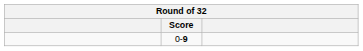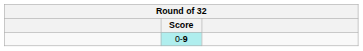 <table class="wikitable" style="text-align: center; font-size:90% ">
 <tr>
 <th colspan=3>Round of 32</th>
 </tr>
 <tr>
 <th align="right" width="250"></th>
 <th width="60">Score</th>
 <th align="left" width="250"></th>
 </tr>
 <tr>
 <td align=left></td>
-<td align=center>0-<strong>9</strong></td>
+<td align=center style="background: paleturquoise;">0-<strong>9</strong></td>
 <td align=left><strong></strong></td>
 </tr>
 </table>
